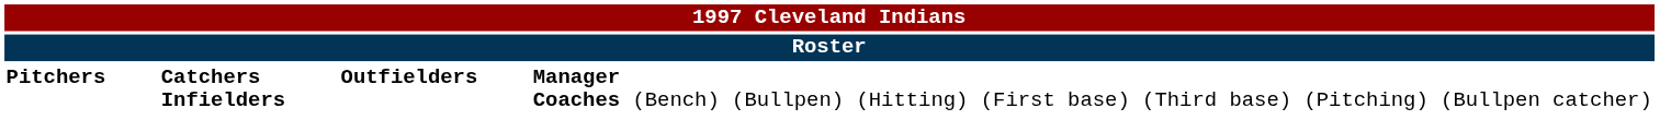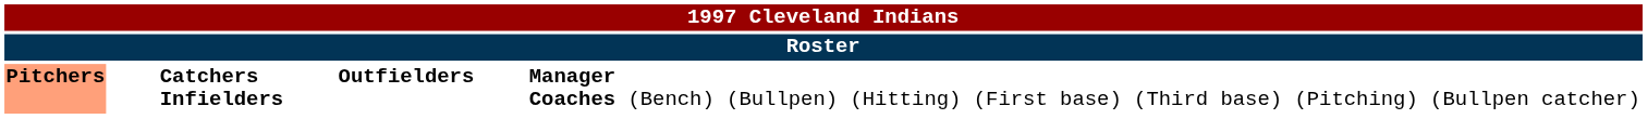 <table class="toccolours" style="font-size: 95%;">
 <tr>
 <th colspan="10" style="background-color: #990000; color: white; text-align: center;">1997 Cleveland Indians</th>
 </tr>
 <tr>
 <td colspan="10" style="background-color: #023456; color: #FFFFFF; text-align: center;"><strong>Roster</strong></td>
 </tr>
 <tr>
-<td valign="top"><strong>Pitchers</strong><br>                    </td>
+<td valign="top" style="background: lightsalmon;"><strong>Pitchers</strong><br>                    </td>
 <td width="25px"></td>
 <td valign="top"><strong>Catchers</strong><br>   <strong>Infielders</strong>              </td>
 <td width="25px"></td>
 <td valign="top"><strong>Outfielders</strong><br>       </td>
 <td width="25px"></td>
 <td valign="top"><strong>Manager</strong><br> <strong>Coaches</strong>  (Bench)  (Bullpen)  (Hitting)  (First base)  (Third base)  (Pitching)  (Bullpen catcher)</td>
 </tr>
 </table>
